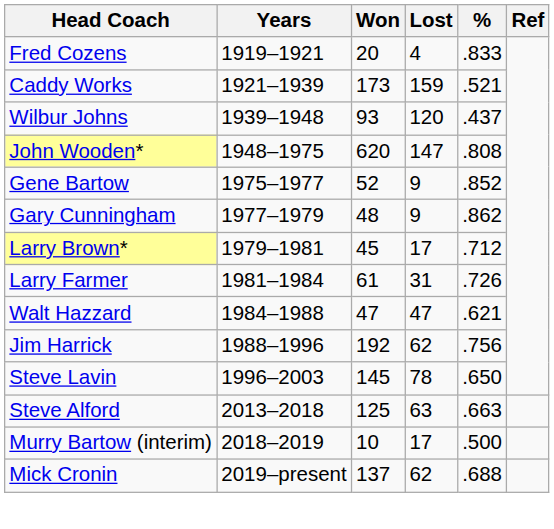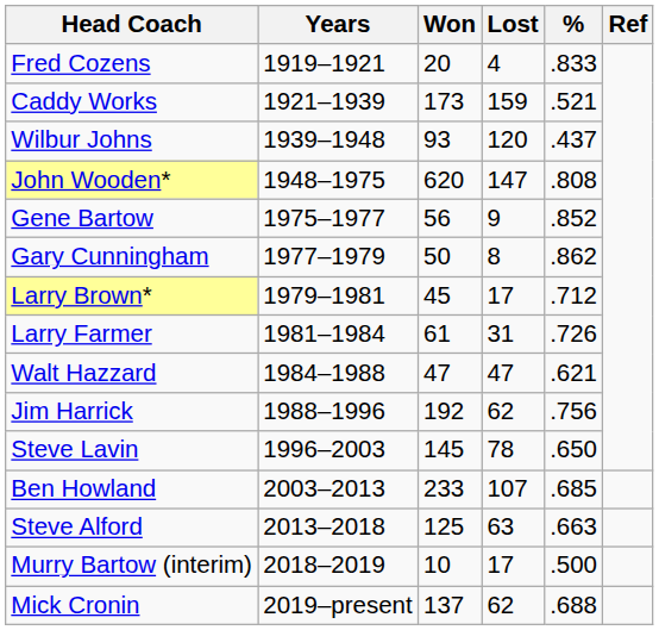 <table class="wikitable sortable">
 <tr>
 <th style="background-color:#">Head Coach</th>
 <th style="background-color:#">Years</th>
 <th style="background-color:#">Won</th>
 <th style="background-color:#">Lost</th>
 <th style="background-color:#">%</th>
 <th class="unsortable" style="background-color:#">Ref</th>
 </tr>
 <tr>
 <td><a href='#'>Fred Cozens</a></td>
 <td>1919–1921</td>
 <td>20</td>
 <td>4</td>
 <td>.833</td>
 <td rowspan=11 align=center></td>
 </tr>
 <tr>
 <td><a href='#'>Caddy Works</a></td>
 <td>1921–1939</td>
 <td>173</td>
 <td>159</td>
 <td>.521</td>
 </tr>
 <tr>
 <td><a href='#'>Wilbur Johns</a></td>
 <td>1939–1948</td>
 <td>93</td>
 <td>120</td>
 <td>.437</td>
 </tr>
 <tr>
 <td bgcolor="FFFF99"><a href='#'>John Wooden</a>*</td>
 <td>1948–1975</td>
 <td>620</td>
 <td>147</td>
 <td>.808</td>
 </tr>
 <tr>
 <td><a href='#'>Gene Bartow</a></td>
 <td>1975–1977</td>
-<td>52</td>
+<td>56</td>
 <td>9</td>
 <td>.852</td>
 </tr>
 <tr>
 <td><a href='#'>Gary Cunningham</a></td>
 <td>1977–1979</td>
-<td>48</td>
-<td>9</td>
+<td>50</td>
+<td>8</td>
 <td>.862</td>
 </tr>
 <tr>
 <td bgcolor="FFFF99"><a href='#'>Larry Brown</a>*</td>
 <td>1979–1981</td>
 <td>45</td>
 <td>17</td>
 <td>.712</td>
 </tr>
 <tr>
 <td><a href='#'>Larry Farmer</a></td>
 <td>1981–1984</td>
 <td>61</td>
 <td>31</td>
 <td>.726</td>
 </tr>
 <tr>
 <td><a href='#'>Walt Hazzard</a></td>
 <td>1984–1988</td>
 <td>47</td>
 <td>47</td>
 <td>.621</td>
 </tr>
 <tr>
 <td><a href='#'>Jim Harrick</a></td>
 <td>1988–1996</td>
 <td>192</td>
 <td>62</td>
 <td>.756</td>
 </tr>
 <tr>
 <td><a href='#'>Steve Lavin</a></td>
 <td>1996–2003</td>
 <td>145</td>
 <td>78</td>
 <td>.650</td>
 </tr>
 <tr>
+<td><a href='#'>Ben Howland</a></td>
+<td>2003–2013</td>
+<td>233</td>
+<td>107</td>
+<td>.685</td>
+<td align=center></td>
+</tr>
+<tr>
 <td><a href='#'>Steve Alford</a></td>
 <td>2013–2018</td>
 <td>125</td>
 <td>63</td>
 <td>.663</td>
 <td align=center></td>
 </tr>
 <tr>
 <td><a href='#'>Murry Bartow</a> (interim)</td>
 <td>2018–2019</td>
 <td>10</td>
 <td>17</td>
 <td>.500</td>
 <td align=center></td>
 </tr>
 <tr>
 <td><a href='#'>Mick Cronin</a></td>
 <td>2019–present</td>
 <td>137</td>
 <td>62</td>
 <td>.688</td>
 <td align=center></td>
 </tr>
 </table>
